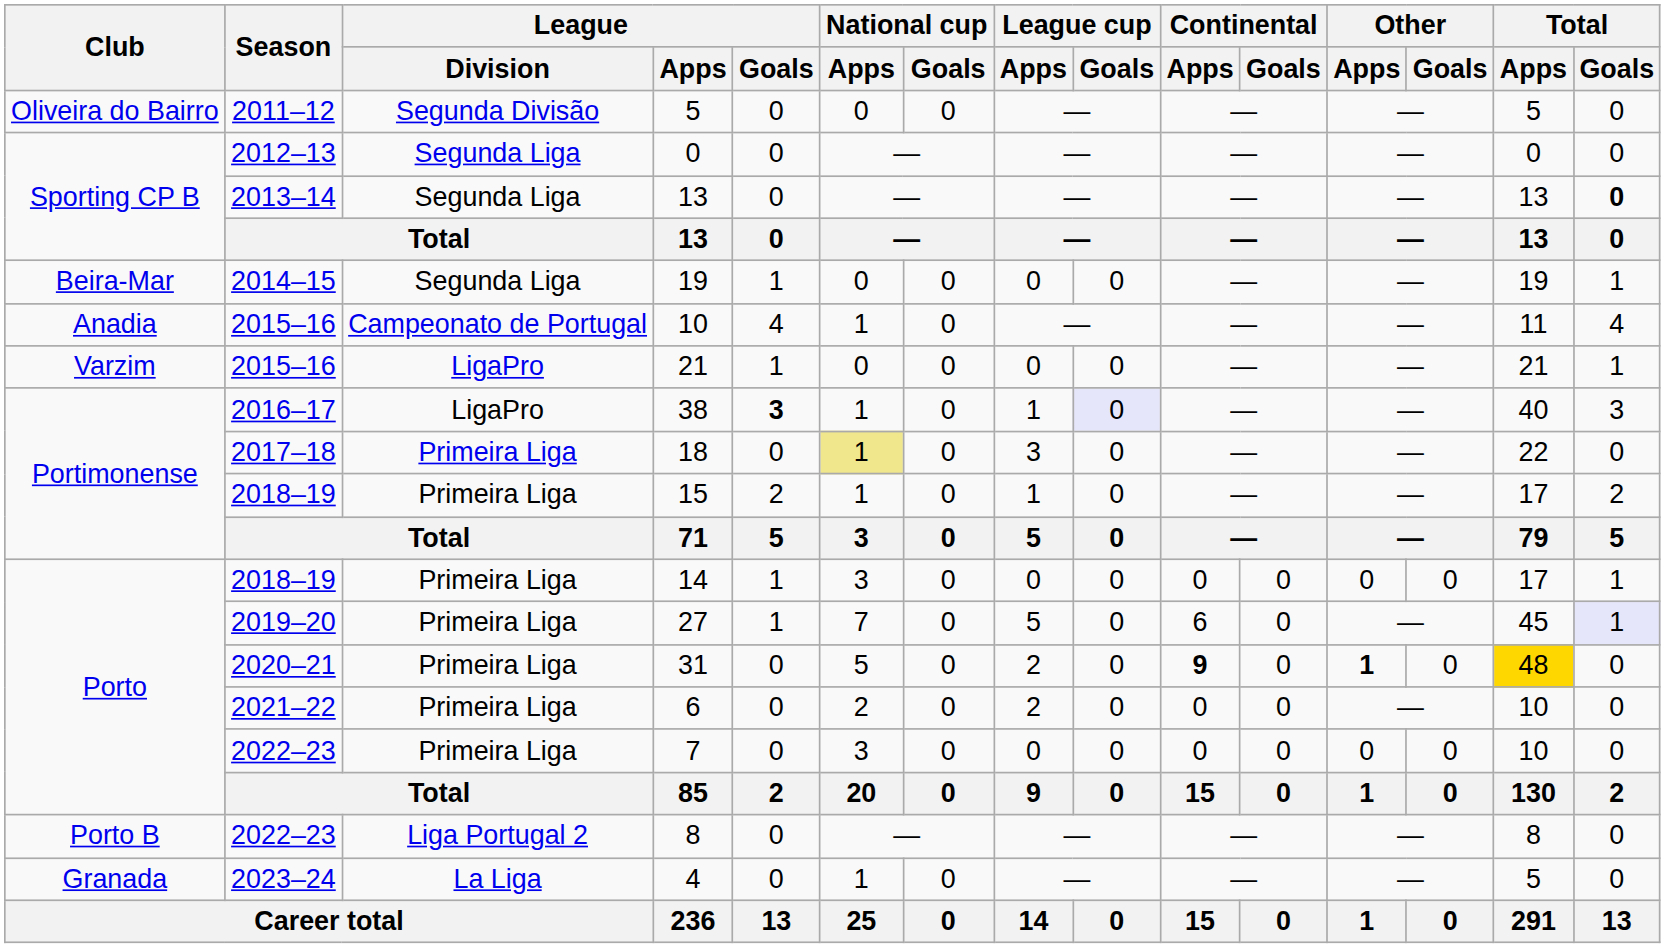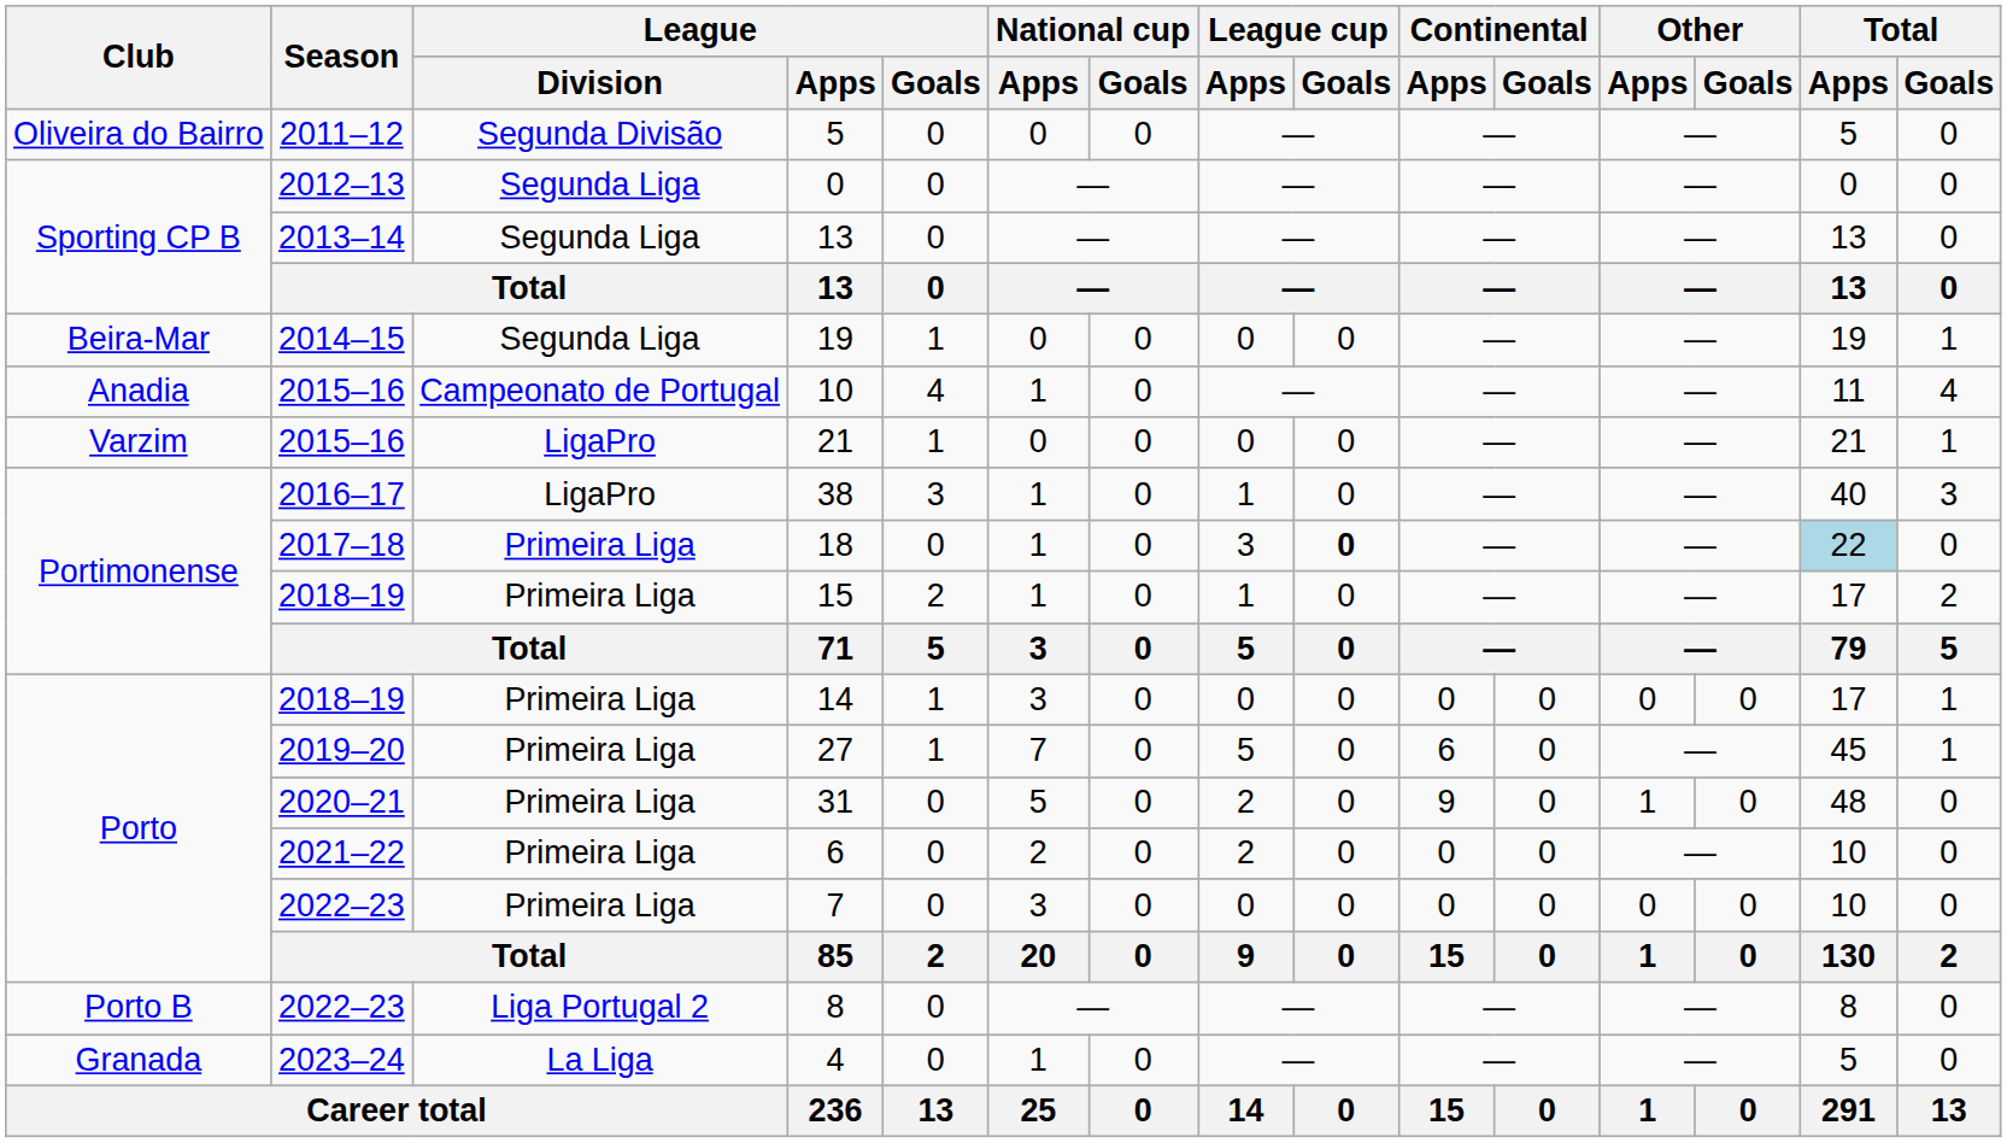 <table class="wikitable" style="text-align:center">
 <tr>
 <th rowspan="2">Club</th>
 <th rowspan="2">Season</th>
 <th colspan="3">League</th>
 <th colspan="2">National cup</th>
 <th colspan="2">League cup</th>
 <th colspan="2">Continental</th>
 <th colspan="2">Other</th>
 <th colspan="2">Total</th>
 </tr>
 <tr>
 <th>Division</th>
 <th>Apps</th>
 <th>Goals</th>
 <th>Apps</th>
 <th>Goals</th>
 <th>Apps</th>
 <th>Goals</th>
 <th>Apps</th>
 <th>Goals</th>
 <th>Apps</th>
 <th>Goals</th>
 <th>Apps</th>
 <th>Goals</th>
 </tr>
 <tr>
 <td><a href='#'>Oliveira do Bairro</a></td>
 <td><a href='#'>2011–12</a></td>
 <td><a href='#'>Segunda Divisão</a></td>
 <td>5</td>
 <td>0</td>
 <td>0</td>
 <td>0</td>
 <td colspan="2">—</td>
 <td colspan="2">—</td>
 <td colspan="2">—</td>
 <td>5</td>
 <td>0</td>
 </tr>
 <tr>
 <td rowspan="3"><a href='#'>Sporting CP B</a></td>
 <td><a href='#'>2012–13</a></td>
 <td><a href='#'>Segunda Liga</a></td>
 <td>0</td>
 <td>0</td>
 <td colspan="2">—</td>
 <td colspan="2">—</td>
 <td colspan="2">—</td>
 <td colspan="2">—</td>
 <td>0</td>
 <td>0</td>
 </tr>
 <tr>
 <td><a href='#'>2013–14</a></td>
 <td>Segunda Liga</td>
 <td>13</td>
 <td>0</td>
 <td colspan="2">—</td>
 <td colspan="2">—</td>
 <td colspan="2">—</td>
 <td colspan="2">—</td>
 <td>13</td>
-<td><strong>0</strong></td>
+<td>0</td>
 </tr>
 <tr>
 <th colspan="2">Total</th>
 <th>13</th>
 <th>0</th>
 <th colspan="2">—</th>
 <th colspan="2">—</th>
 <th colspan="2">—</th>
 <th colspan="2">—</th>
 <th>13</th>
 <th>0</th>
 </tr>
 <tr>
 <td><a href='#'>Beira-Mar</a></td>
 <td><a href='#'>2014–15</a></td>
 <td>Segunda Liga</td>
 <td>19</td>
 <td>1</td>
 <td>0</td>
 <td>0</td>
 <td>0</td>
 <td>0</td>
 <td colspan="2">—</td>
 <td colspan="2">—</td>
 <td>19</td>
 <td>1</td>
 </tr>
 <tr>
 <td><a href='#'>Anadia</a></td>
 <td><a href='#'>2015–16</a></td>
 <td><a href='#'>Campeonato de Portugal</a></td>
 <td>10</td>
 <td>4</td>
 <td>1</td>
 <td>0</td>
 <td colspan="2">—</td>
 <td colspan="2">—</td>
 <td colspan="2">—</td>
 <td>11</td>
 <td>4</td>
 </tr>
 <tr>
 <td><a href='#'>Varzim</a></td>
 <td><a href='#'>2015–16</a></td>
 <td><a href='#'>LigaPro</a></td>
 <td>21</td>
 <td>1</td>
 <td>0</td>
 <td>0</td>
 <td>0</td>
 <td>0</td>
 <td colspan="2">—</td>
 <td colspan="2">—</td>
 <td>21</td>
 <td>1</td>
 </tr>
 <tr>
 <td rowspan="4"><a href='#'>Portimonense</a></td>
 <td><a href='#'>2016–17</a></td>
 <td>LigaPro</td>
 <td>38</td>
-<td><strong>3</strong></td>
+<td>3</td>
 <td>1</td>
 <td>0</td>
 <td>1</td>
-<td style="background: lavender;">0</td>
+<td>0</td>
 <td colspan="2">—</td>
 <td colspan="2">—</td>
 <td>40</td>
 <td>3</td>
 </tr>
 <tr>
 <td><a href='#'>2017–18</a></td>
 <td><a href='#'>Primeira Liga</a></td>
 <td>18</td>
 <td>0</td>
-<td style="background: khaki;">1</td>
+<td>1</td>
 <td>0</td>
 <td>3</td>
-<td>0</td>
+<td><strong>0</strong></td>
 <td colspan="2">—</td>
 <td colspan="2">—</td>
-<td>22</td>
+<td style="background: lightblue;">22</td>
 <td>0</td>
 </tr>
 <tr>
 <td><a href='#'>2018–19</a></td>
 <td>Primeira Liga</td>
 <td>15</td>
 <td>2</td>
 <td>1</td>
 <td>0</td>
 <td>1</td>
 <td>0</td>
 <td colspan="2">—</td>
 <td colspan="2">—</td>
 <td>17</td>
 <td>2</td>
 </tr>
 <tr>
 <th colspan="2">Total</th>
 <th>71</th>
 <th>5</th>
 <th>3</th>
 <th>0</th>
 <th>5</th>
 <th>0</th>
 <th colspan="2">—</th>
 <th colspan="2">—</th>
 <th>79</th>
 <th>5</th>
 </tr>
 <tr>
 <td rowspan="6"><a href='#'>Porto</a></td>
 <td><a href='#'>2018–19</a></td>
 <td>Primeira Liga</td>
 <td>14</td>
 <td>1</td>
 <td>3</td>
 <td>0</td>
 <td>0</td>
 <td>0</td>
 <td>0</td>
 <td>0</td>
 <td>0</td>
 <td>0</td>
 <td>17</td>
 <td>1</td>
 </tr>
 <tr>
 <td><a href='#'>2019–20</a></td>
 <td>Primeira Liga</td>
 <td>27</td>
 <td>1</td>
 <td>7</td>
 <td>0</td>
 <td>5</td>
 <td>0</td>
 <td>6</td>
 <td>0</td>
 <td colspan="2">—</td>
 <td>45</td>
-<td style="background: lavender;">1</td>
+<td>1</td>
 </tr>
 <tr>
 <td><a href='#'>2020–21</a></td>
 <td>Primeira Liga</td>
 <td>31</td>
 <td>0</td>
 <td>5</td>
 <td>0</td>
 <td>2</td>
 <td>0</td>
-<td><strong>9</strong></td>
+<td>9</td>
 <td>0</td>
-<td><strong>1</strong></td>
+<td>1</td>
 <td>0</td>
-<td style="background: gold;">48</td>
+<td>48</td>
 <td>0</td>
 </tr>
 <tr>
 <td><a href='#'>2021–22</a></td>
 <td>Primeira Liga</td>
 <td>6</td>
 <td>0</td>
 <td>2</td>
 <td>0</td>
 <td>2</td>
 <td>0</td>
 <td>0</td>
 <td>0</td>
 <td colspan="2">—</td>
 <td>10</td>
 <td>0</td>
 </tr>
 <tr>
 <td><a href='#'>2022–23</a></td>
 <td>Primeira Liga</td>
 <td>7</td>
 <td>0</td>
 <td>3</td>
 <td>0</td>
 <td>0</td>
 <td>0</td>
 <td>0</td>
 <td>0</td>
 <td>0</td>
 <td>0</td>
 <td>10</td>
 <td>0</td>
 </tr>
 <tr>
 <th colspan="2">Total</th>
 <th>85</th>
 <th>2</th>
 <th>20</th>
 <th>0</th>
 <th>9</th>
 <th>0</th>
 <th>15</th>
 <th>0</th>
 <th>1</th>
 <th>0</th>
 <th>130</th>
 <th>2</th>
 </tr>
 <tr>
 <td><a href='#'>Porto B</a></td>
 <td><a href='#'>2022–23</a></td>
 <td><a href='#'>Liga Portugal 2</a></td>
 <td>8</td>
 <td>0</td>
 <td colspan="2">—</td>
 <td colspan="2">—</td>
 <td colspan="2">—</td>
 <td colspan="2">—</td>
 <td>8</td>
 <td>0</td>
 </tr>
 <tr>
 <td><a href='#'>Granada</a></td>
 <td><a href='#'>2023–24</a></td>
 <td><a href='#'>La Liga</a></td>
 <td>4</td>
 <td>0</td>
 <td>1</td>
 <td>0</td>
 <td colspan="2">—</td>
 <td colspan="2">—</td>
 <td colspan="2">—</td>
 <td>5</td>
 <td>0</td>
 </tr>
 <tr>
 <th colspan="3">Career total</th>
 <th>236</th>
 <th>13</th>
 <th>25</th>
 <th>0</th>
 <th>14</th>
 <th>0</th>
 <th>15</th>
 <th>0</th>
 <th>1</th>
 <th>0</th>
 <th>291</th>
 <th>13</th>
 </tr>
 </table>
